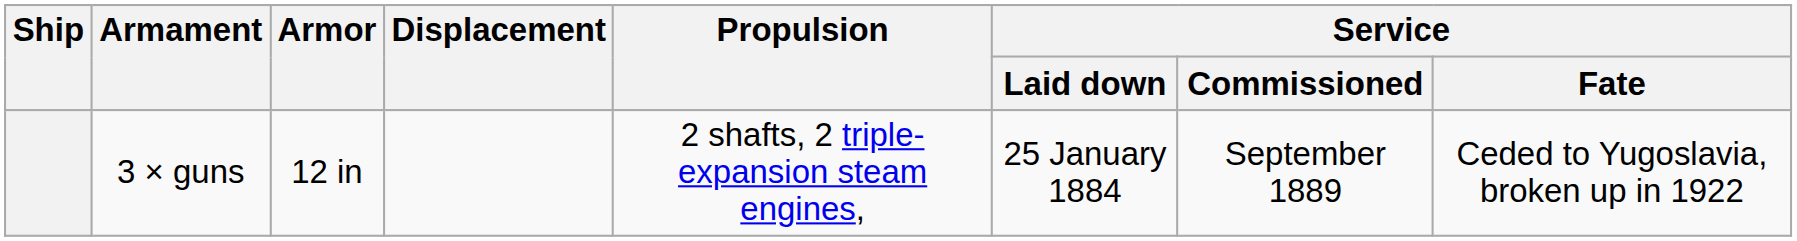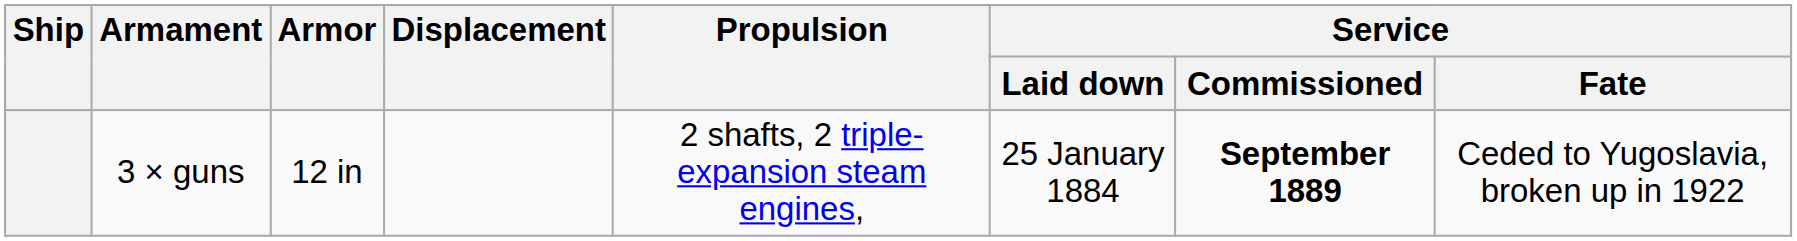 <table class="wikitable plainrowheaders" style="text-align: center;">
 <tr valign="top">
 <th scope="col" rowspan="2">Ship</th>
 <th scope="col" rowspan="2">Armament</th>
 <th scope="col" rowspan="2">Armor</th>
 <th scope="col" rowspan="2">Displacement</th>
 <th scope="col" rowspan="2">Propulsion</th>
 <th scope="col" colspan="3">Service</th>
 </tr>
 <tr valign="top">
 <th scope="col">Laid down</th>
 <th scope="col">Commissioned</th>
 <th scope="col">Fate</th>
 </tr>
 <tr valign="center">
 <th scope="row"></th>
 <td>3 ×  guns</td>
 <td>12 in</td>
 <td></td>
 <td>2 shafts, 2 <a href='#'>triple-expansion steam engines</a>, </td>
 <td>25 January 1884</td>
-<td>September 1889</td>
+<td><strong>September 1889</strong></td>
 <td>Ceded to Yugoslavia, broken up in 1922</td>
 </tr>
 </table>
